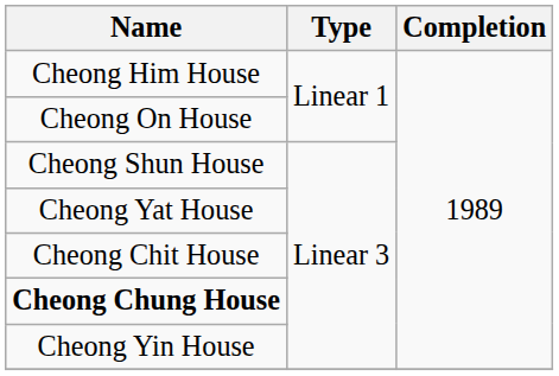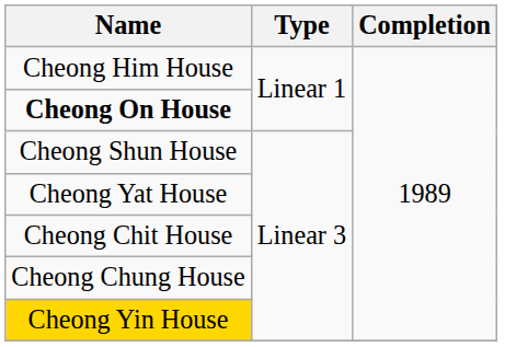 <table class="wikitable" style="text-align: center">
 <tr>
 <th>Name</th>
 <th>Type</th>
 <th>Completion</th>
 </tr>
 <tr>
 <td>Cheong Him House</td>
 <td rowspan="2">Linear 1</td>
 <td rowspan="7">1989</td>
 </tr>
 <tr>
-<td>Cheong On House</td>
+<td><strong>Cheong On House</strong></td>
 </tr>
 <tr>
 <td>Cheong Shun House</td>
 <td rowspan="5">Linear 3</td>
 </tr>
 <tr>
 <td>Cheong Yat House</td>
 </tr>
 <tr>
 <td>Cheong Chit House</td>
 </tr>
 <tr>
-<td><strong>Cheong Chung House</strong></td>
+<td>Cheong Chung House</td>
 </tr>
 <tr>
-<td>Cheong Yin House</td>
+<td style="background: gold;">Cheong Yin House</td>
 </tr>
 <tr>
 </tr>
 </table>
